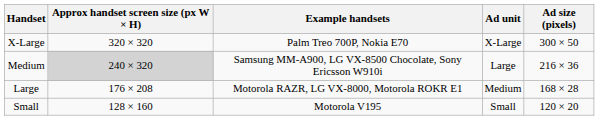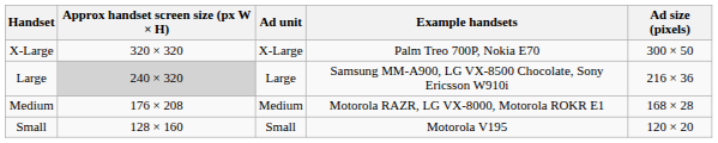 <table class="wikitable" style="text-align:center; border:5">
 <tr>
 <th>Handset</th>
 <th>Approx handset screen size (px W × H)</th>
+<th>Ad unit</th>
 <th>Example handsets</th>
-<th>Ad unit</th>
 <th>Ad size (pixels)</th>
 </tr>
 <tr>
 <td>X-Large</td>
 <td>320 × 320</td>
+<td>X-Large</td>
 <td>Palm Treo 700P, Nokia E70</td>
-<td>X-Large</td>
 <td>300 × 50</td>
 </tr>
 <tr>
-<td>Medium</td>
+<td>Large</td>
 <td style="background: lightgrey;">240 × 320</td>
+<td>Large</td>
 <td>Samsung MM-A900, LG VX-8500 Chocolate, Sony Ericsson W910i</td>
-<td>Large</td>
 <td>216 × 36</td>
 </tr>
 <tr>
-<td>Large</td>
+<td>Medium</td>
 <td>176 × 208</td>
+<td>Medium</td>
 <td>Motorola RAZR, LG VX-8000, Motorola ROKR E1</td>
-<td>Medium</td>
 <td>168 × 28</td>
 </tr>
 <tr>
 <td>Small</td>
 <td>128 × 160</td>
+<td>Small</td>
 <td>Motorola V195</td>
-<td>Small</td>
 <td>120 × 20</td>
 </tr>
 </table>
